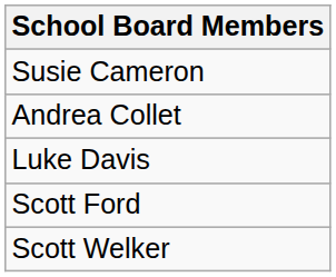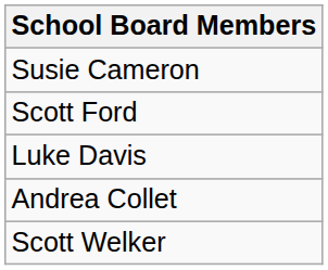 <table class="wikitable">
 <tr>
 <th>School Board Members</th>
 </tr>
 <tr>
 <td>Susie Cameron</td>
 </tr>
 <tr>
-<td>Andrea Collet</td>
+<td>Scott Ford</td>
 </tr>
 <tr>
 <td>Luke Davis</td>
 </tr>
 <tr>
-<td>Scott Ford</td>
+<td>Andrea Collet</td>
 </tr>
 <tr>
 <td>Scott Welker</td>
 </tr>
 </table>
